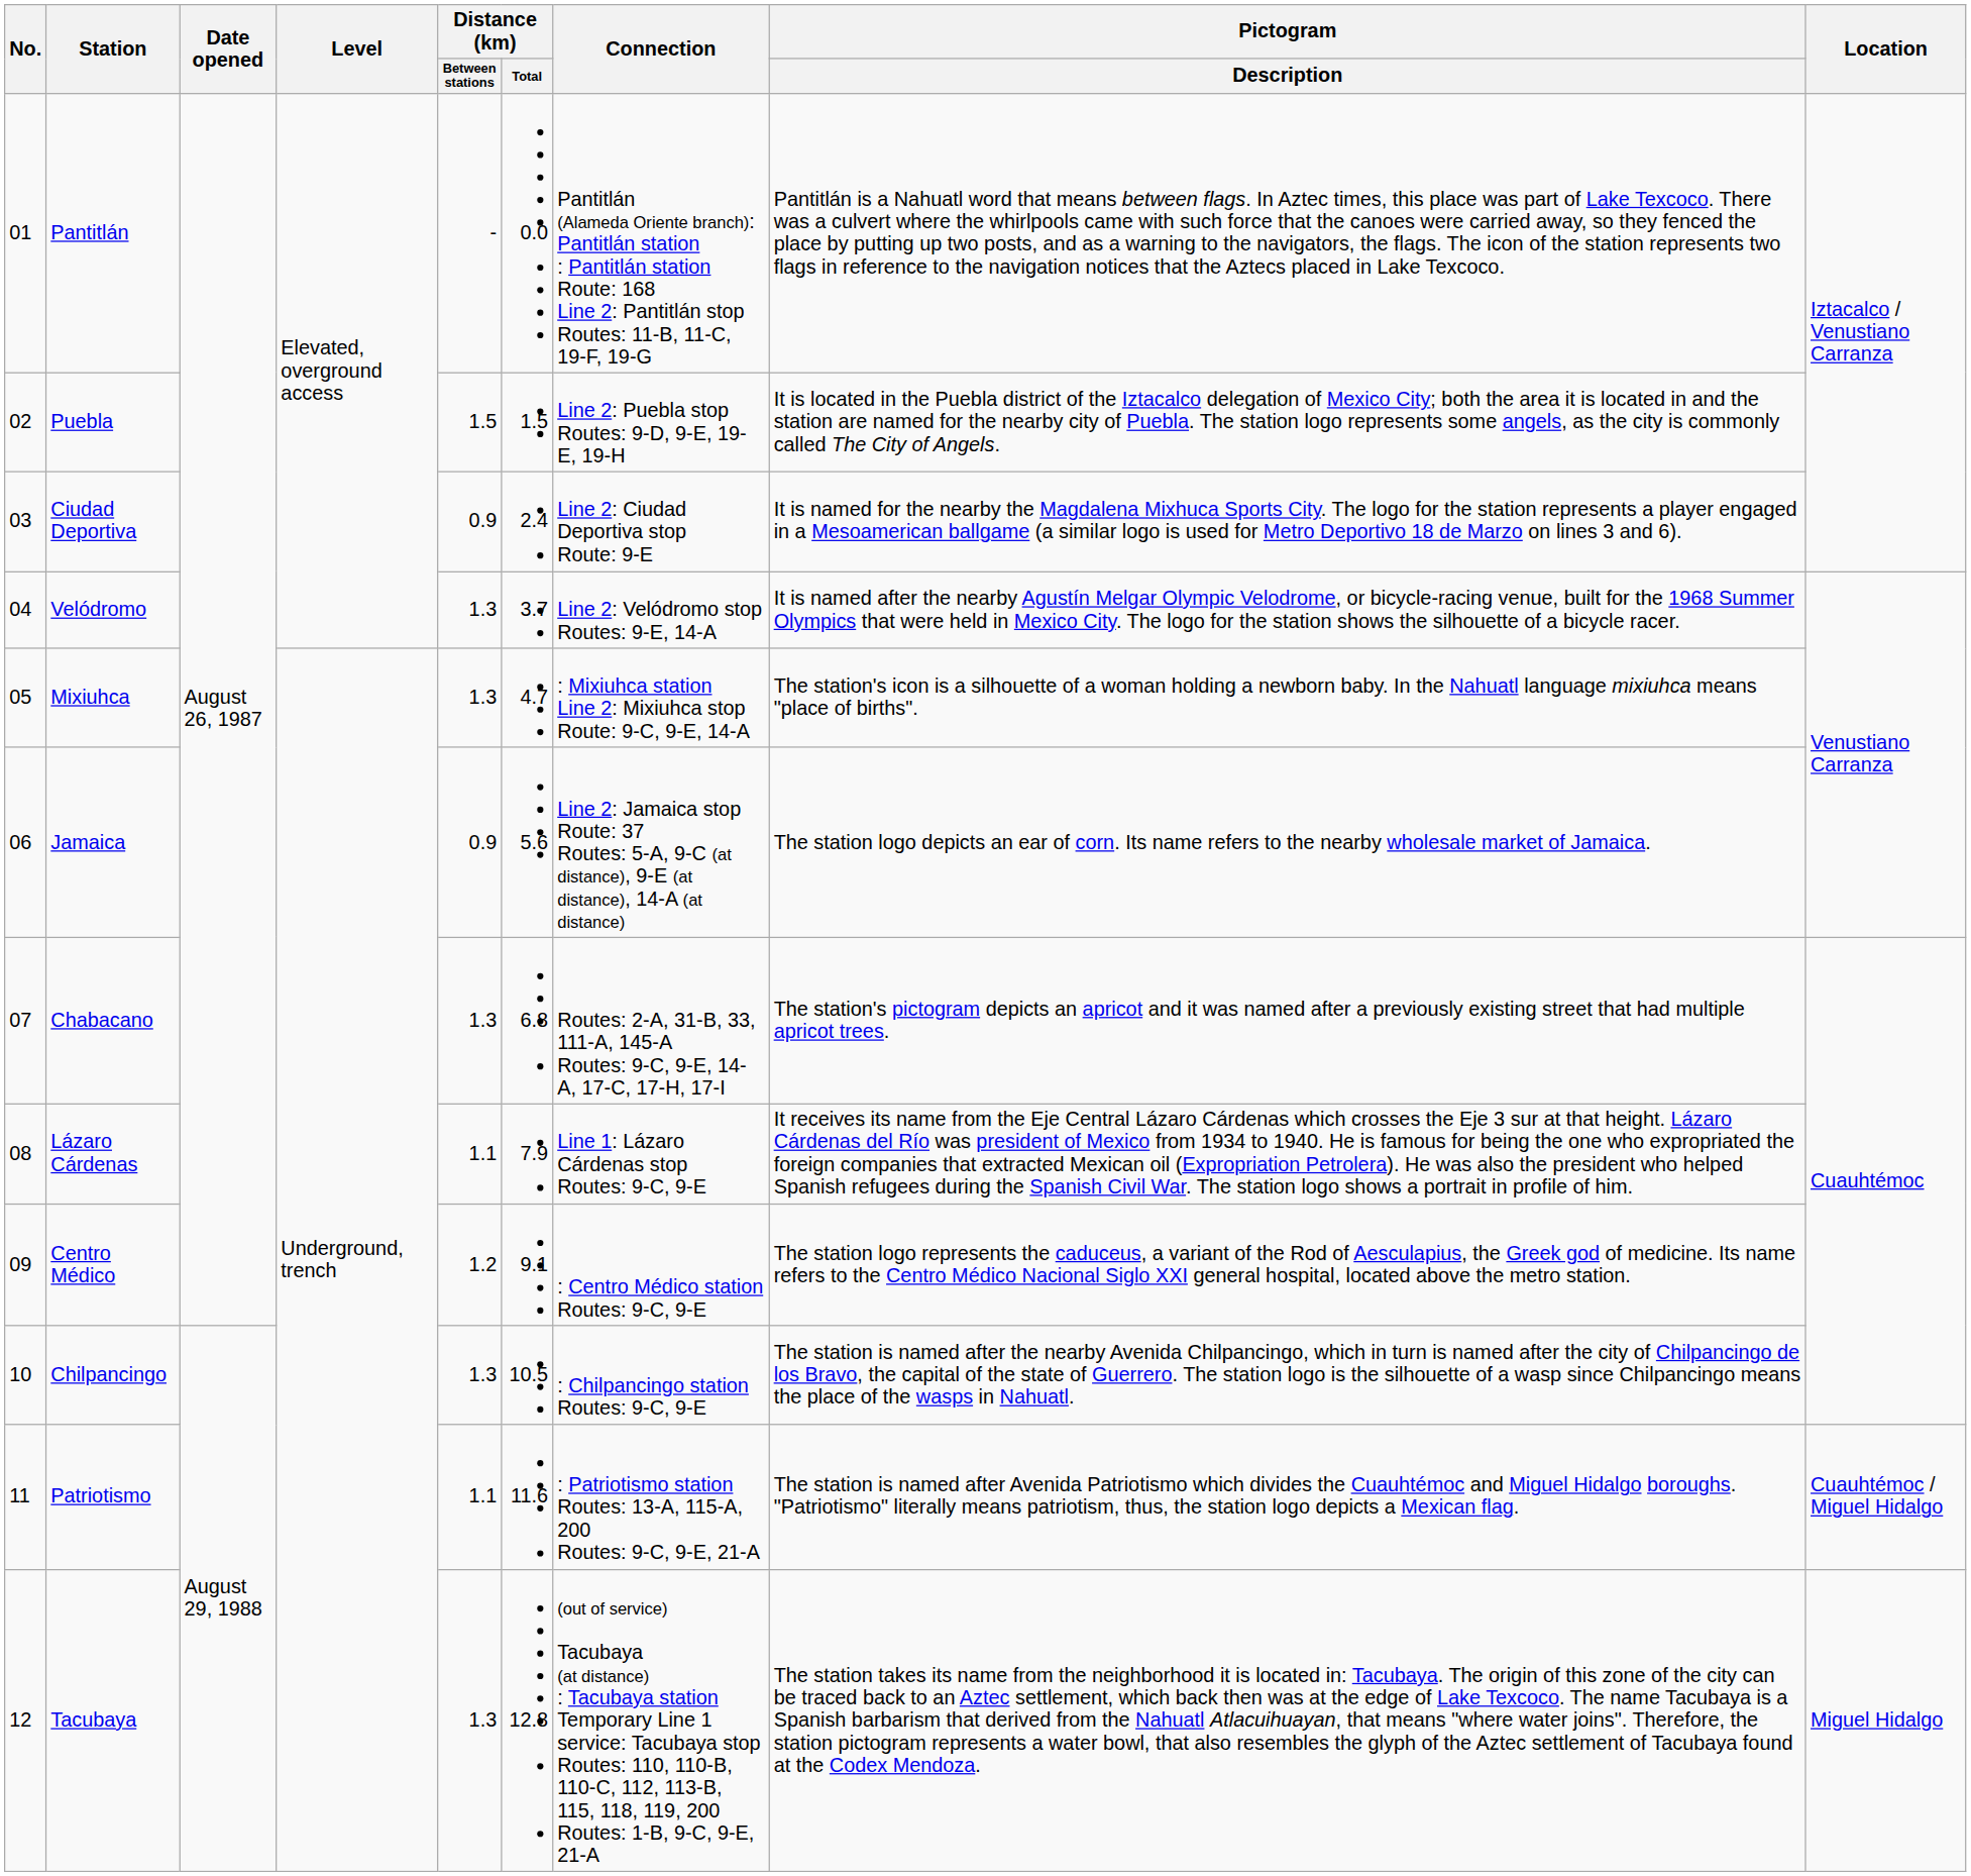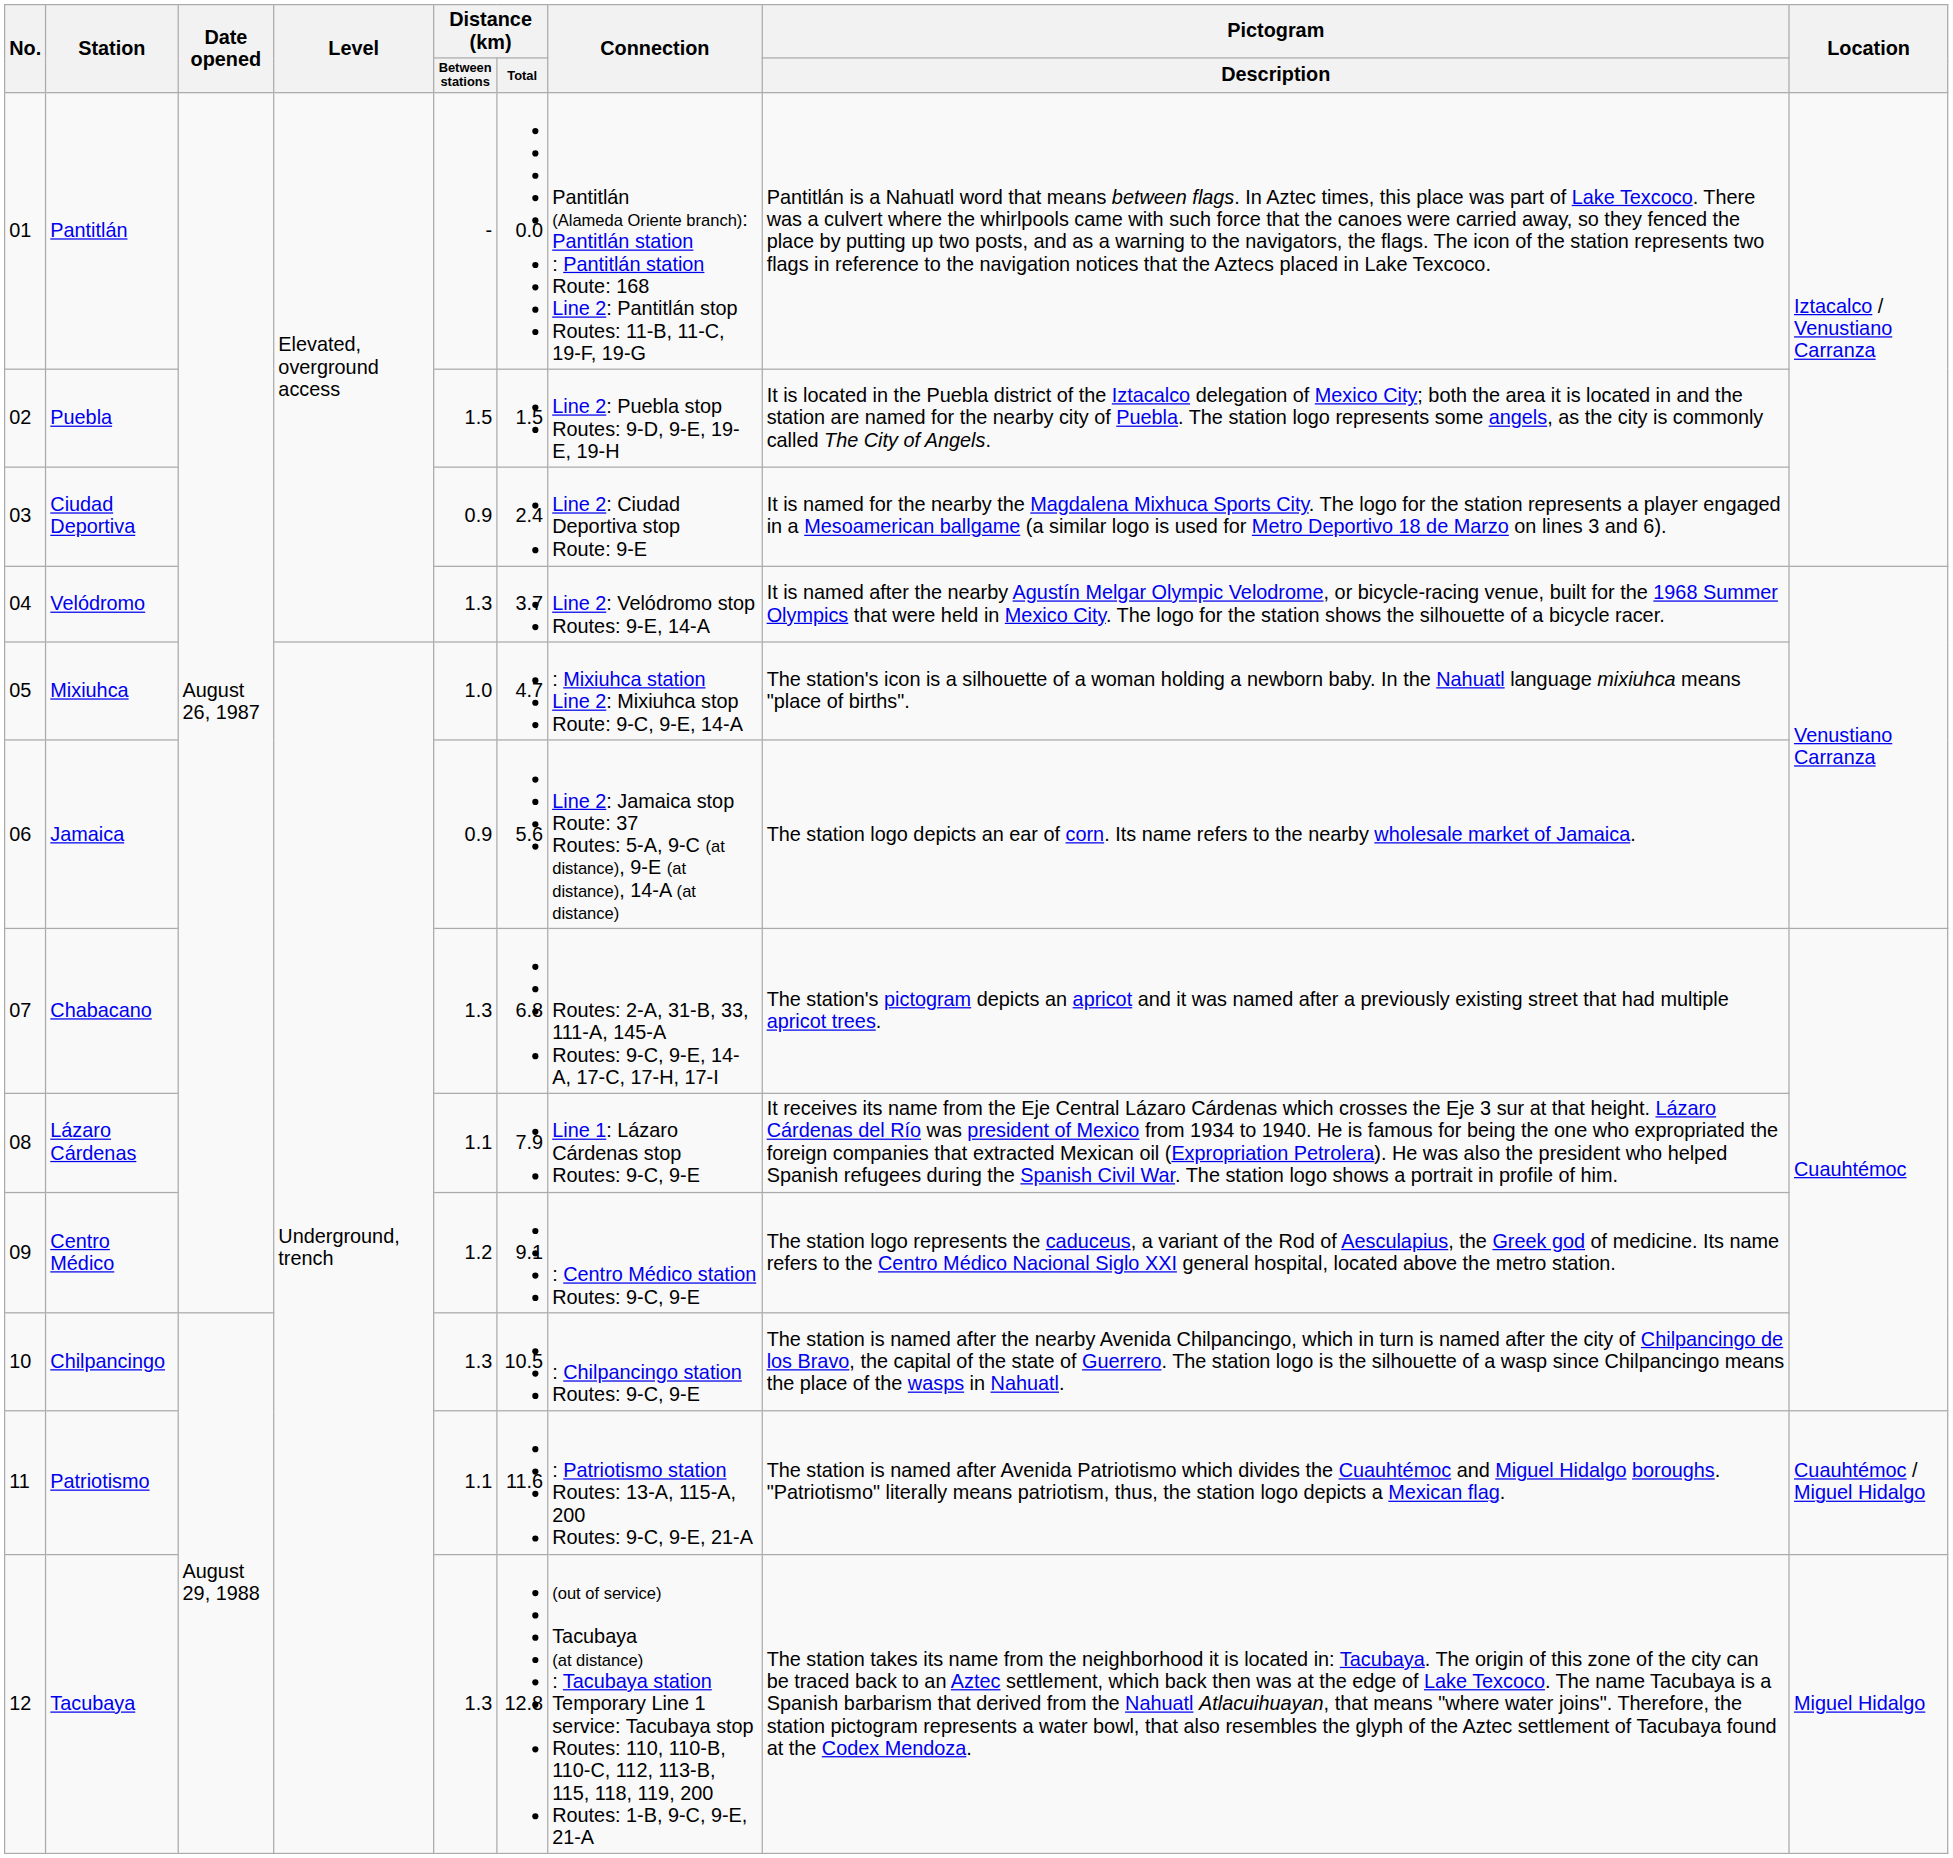 <table class="wikitable" rules="all">
 <tr>
 <th rowspan="2">No.</th>
 <th rowspan="2">Station</th>
 <th rowspan="2">Date opened</th>
 <th rowspan="2">Level</th>
 <th colspan="2">Distance (km)</th>
 <th rowspan="2">Connection</th>
 <th>Pictogram</th>
 <th rowspan="2">Location</th>
 </tr>
 <tr>
 <th style="font-size: 65%;">Between<br>stations</th>
 <th style="font-size: 65%;">Total</th>
 <th>Description</th>
 </tr>
 <tr>
 <td style="background: #">01</td>
 <td><a href='#'>Pantitlán</a> </td>
 <td rowspan="9">August 26, 1987</td>
 <td rowspan="4">Elevated, overground access</td>
 <td style="text-align:right;">-</td>
 <td style="text-align:right;">0.0</td>
 <td><br><li> </li> <li> </li> <li> </li> <li> Pantitlán</li> <li>  <small>(Alameda Oriente branch)</small>: <a href='#'>Pantitlán station</a></li> <li> : <a href='#'>Pantitlán station</a></li> <li> Route: 168</li> <li>  <a href='#'>Line 2</a>: Pantitlán stop</li> <li> Routes: 11-B, 11-C, 19-F, 19-G</li></td>
 <td>Pantitlán is a Nahuatl word that means <em>between flags</em>. In Aztec times, this place was part of <a href='#'>Lake Texcoco</a>. There was a culvert where the whirlpools came with such force that the canoes were carried away, so they fenced the place by putting up two posts, and as a warning to the navigators, the flags. The icon of the station represents two flags in reference to the navigation notices that the Aztecs placed in Lake Texcoco.</td>
 <td rowspan="3"><a href='#'>Iztacalco</a> / <a href='#'>Venustiano Carranza</a></td>
 </tr>
 <tr>
 <td style="background: #">02</td>
 <td><a href='#'>Puebla</a> </td>
 <td style="text-align:right;">1.5</td>
 <td style="text-align:right;">1.5</td>
 <td><br><li>  <a href='#'>Line 2</a>: Puebla stop</li> <li> Routes: 9-D, 9-E, 19-E, 19-H</li></td>
 <td>It is located in the Puebla district of the <a href='#'>Iztacalco</a> delegation of <a href='#'>Mexico City</a>; both the area it is located in and the station are named for the nearby city of <a href='#'>Puebla</a>. The station logo represents some <a href='#'>angels</a>, as the city is commonly called <em>The City of Angels</em>.</td>
 </tr>
 <tr>
 <td style="background: #">03</td>
 <td><a href='#'>Ciudad Deportiva</a> </td>
 <td style="text-align:right;">0.9</td>
 <td style="text-align:right;">2.4</td>
 <td><br><li>  <a href='#'>Line 2</a>: Ciudad Deportiva stop</li> <li> Route: 9-E</td>
 <td>It is named for the nearby the <a href='#'>Magdalena Mixhuca Sports City</a>. The logo for the station represents a player engaged in a <a href='#'>Mesoamerican ballgame</a> (a similar logo is used for <a href='#'>Metro Deportivo 18 de Marzo</a> on lines 3 and 6).</td>
 </tr>
 <tr>
 <td style="background: #">04</td>
 <td><a href='#'>Velódromo</a> </td>
 <td style="text-align:right;">1.3</td>
 <td style="text-align:right;">3.7</td>
 <td><br><li>  <a href='#'>Line 2</a>: Velódromo stop</li> <li> Routes: 9-E, 14-A</li></td>
 <td>It is named after the nearby <a href='#'>Agustín Melgar Olympic Velodrome</a>, or bicycle-racing venue, built for the <a href='#'>1968 Summer Olympics</a> that were held in <a href='#'>Mexico City</a>. The logo for the station shows the silhouette of a bicycle racer.</td>
 <td rowspan="3"><a href='#'>Venustiano Carranza</a></td>
 </tr>
 <tr>
 <td style="background: #">05</td>
 <td><a href='#'>Mixiuhca</a></td>
 <td rowspan="8">Underground, trench</td>
-<td style="text-align:right;">1.3</td>
+<td style="text-align:right;">1.0</td>
 <td style="text-align:right;">4.7</td>
 <td><br><li> : <a href='#'>Mixiuhca station</a></li> <li>  <a href='#'>Line 2</a>: Mixiuhca stop</li> <li> Route: 9-C, 9-E, 14-A</li></td>
 <td>The station's icon is a silhouette of a woman holding a newborn baby. In the <a href='#'>Nahuatl</a> language <em>mixiuhca</em> means "place of births".</td>
 </tr>
 <tr>
 <td style="background: #">06</td>
 <td><a href='#'>Jamaica</a> </td>
 <td style="text-align:right;">0.9</td>
 <td style="text-align:right;">5.6</td>
 <td><br><li> </li> <li>  <a href='#'>Line 2</a>: Jamaica stop</li> <li> Route: 37</li> <li> Routes: 5-A, 9-C <small>(at distance)</small>, 9-E <small>(at distance)</small>, 14-A <small>(at distance)</small></td>
 <td>The station logo depicts an ear of <a href='#'>corn</a>. Its name refers to the nearby <a href='#'>wholesale market of Jamaica</a>.</td>
 </tr>
 <tr>
 <td style="background: #">07</td>
 <td><a href='#'>Chabacano</a> </td>
 <td style="text-align:right;">1.3</td>
 <td style="text-align:right;">6.8</td>
 <td><br><li> </li> <li> </li> <li> Routes: 2-A, 31-B, 33, 111-A, 145-A</li> <li> Routes: 9-C, 9-E, 14-A, 17-C, 17-H, 17-I</td>
 <td>The station's <a href='#'>pictogram</a> depicts an <a href='#'>apricot</a> and it was named after a previously existing street that had multiple <a href='#'>apricot trees</a>.</td>
 <td rowspan="4"><a href='#'>Cuauhtémoc</a></td>
 </tr>
 <tr>
 <td style="background: #">08</td>
 <td><a href='#'>Lázaro Cárdenas</a></td>
 <td style="text-align:right;">1.1</td>
 <td style="text-align:right;">7.9</td>
 <td><br><li>  <a href='#'>Line 1</a>: Lázaro Cárdenas stop</li> <li> Routes: 9-C, 9-E</td>
 <td>It receives its name from the Eje Central Lázaro Cárdenas which crosses the Eje 3 sur at that height. <a href='#'>Lázaro Cárdenas del Río</a> was <a href='#'>president of Mexico</a> from 1934 to 1940. He is famous for being the one who expropriated the foreign companies that extracted Mexican oil (<a href='#'>Expropriation Petrolera</a>). He was also the president who helped Spanish refugees during the <a href='#'>Spanish Civil War</a>. The station logo shows a portrait in profile of him.</td>
 </tr>
 <tr>
 <td style="background: #">09</td>
 <td><a href='#'>Centro Médico</a> </td>
 <td style="text-align:right;">1.2</td>
 <td style="text-align:right;">9.1</td>
 <td><br><li> </li> <li></li> <li> : <a href='#'>Centro Médico station</a></li> <li> Routes: 9-C, 9-E</td>
 <td>The station logo represents the <a href='#'>caduceus</a>, a variant of the Rod of <a href='#'>Aesculapius</a>, the <a href='#'>Greek god</a> of medicine. Its name refers to the <a href='#'>Centro Médico Nacional Siglo XXI</a> general hospital, located above the metro station.</td>
 </tr>
 <tr>
 <td style="background: #">10</td>
 <td><a href='#'>Chilpancingo</a> </td>
 <td rowspan="3">August 29, 1988</td>
 <td style="text-align:right;">1.3</td>
 <td style="text-align:right;">10.5</td>
 <td><br><li></li> <li> : <a href='#'>Chilpancingo station</a></li> <li> Routes: 9-C, 9-E</td>
 <td>The station is named after the nearby Avenida Chilpancingo, which in turn is named after the city of <a href='#'>Chilpancingo de los Bravo</a>, the capital of the state of <a href='#'>Guerrero</a>. The station logo is the silhouette of a wasp since Chilpancingo means the place of the <a href='#'>wasps</a> in <a href='#'>Nahuatl</a>.</td>
 </tr>
 <tr>
 <td style="background: #">11</td>
 <td><a href='#'>Patriotismo</a> </td>
 <td style="text-align:right;">1.1</td>
 <td style="text-align:right;">11.6</td>
 <td><br><li></li> <li> : <a href='#'>Patriotismo station</a></li> <li> Routes: 13-A, 115-A, 200</li> <li> Routes: 9-C, 9-E, 21-A</td>
 <td>The station is named after Avenida Patriotismo which divides the <a href='#'>Cuauhtémoc</a> and <a href='#'>Miguel Hidalgo</a> <a href='#'>boroughs</a>. "Patriotismo" literally means patriotism, thus, the station logo depicts a <a href='#'>Mexican flag</a>.</td>
 <td><a href='#'>Cuauhtémoc</a> / <a href='#'>Miguel Hidalgo</a></td>
 </tr>
 <tr>
 <td style="background: #">12</td>
 <td><a href='#'>Tacubaya</a> </td>
 <td style="text-align:right;">1.3</td>
 <td style="text-align:right;">12.8</td>
 <td><br><li>  <small>(out of service)</small></li> <li> </li> <li> Tacubaya</li> <li> <small>(at distance)</small></li> <li> : <a href='#'>Tacubaya station</a></li> <li> Temporary Line 1 service: Tacubaya stop</li> <li> Routes: 110, 110-B, 110-C, 112, 113-B, 115, 118, 119, 200</li> <li> Routes: 1-B, 9-C, 9-E, 21-A</td>
 <td>The station takes its name from the neighborhood it is located in: <a href='#'>Tacubaya</a>. The origin of this zone of the city can be traced back to an <a href='#'>Aztec</a> settlement, which back then was at the edge of <a href='#'>Lake Texcoco</a>. The name Tacubaya is a Spanish barbarism that derived from the <a href='#'>Nahuatl</a> <em>Atlacuihuayan</em>, that means "where water joins". Therefore, the station pictogram represents a water bowl, that also resembles the glyph of the Aztec settlement of Tacubaya found at the <a href='#'>Codex Mendoza</a>.</td>
 <td><a href='#'>Miguel Hidalgo</a></td>
 </tr>
 </table>
